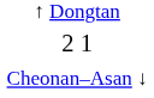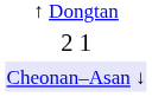 <table style="text-align:center; margin-left:1.5em;">
 <tr>
 <td><small>↑ <a href='#'>Dongtan</a></small></td>
 </tr>
 <tr>
 <td><span>2</span>     <span>1</span></td>
 </tr>
 <tr>
-<td><small><a href='#'>Cheonan–Asan</a> ↓</small></td>
+<td style="background: lavender;"><small><a href='#'>Cheonan–Asan</a> ↓</small></td>
 </tr>
 </table>
